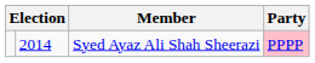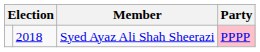 <table class="wikitable">
 <tr>
 <th colspan="2">Election</th>
 <th>Member</th>
 <th>Party</th>
 </tr>
 <tr>
 <td style="background-color: "></td>
-<td><a href='#'>2014</a></td>
+<td><a href='#'>2018</a></td>
 <td><a href='#'>Syed Ayaz Ali Shah Sheerazi</a></td>
 <td style="background: pink;"><a href='#'>PPPP</a></td>
 </tr>
 </table>
